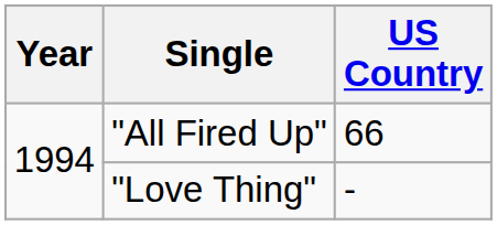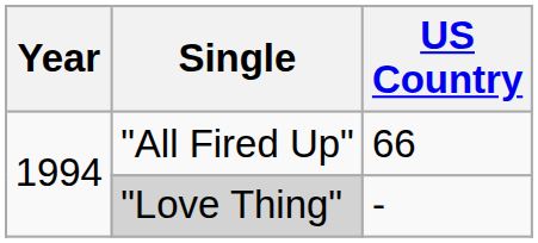 <table class="wikitable" border="1">
 <tr>
 <th>Year</th>
 <th>Single</th>
 <th><a href='#'>US<br>Country</a></th>
 </tr>
 <tr>
 <td rowspan="2">1994</td>
 <td>"All Fired Up"</td>
 <td>66</td>
 </tr>
 <tr>
-<td>"Love Thing"</td>
+<td style="background: lightgrey;">"Love Thing"</td>
 <td>-</td>
 </tr>
 </table>
